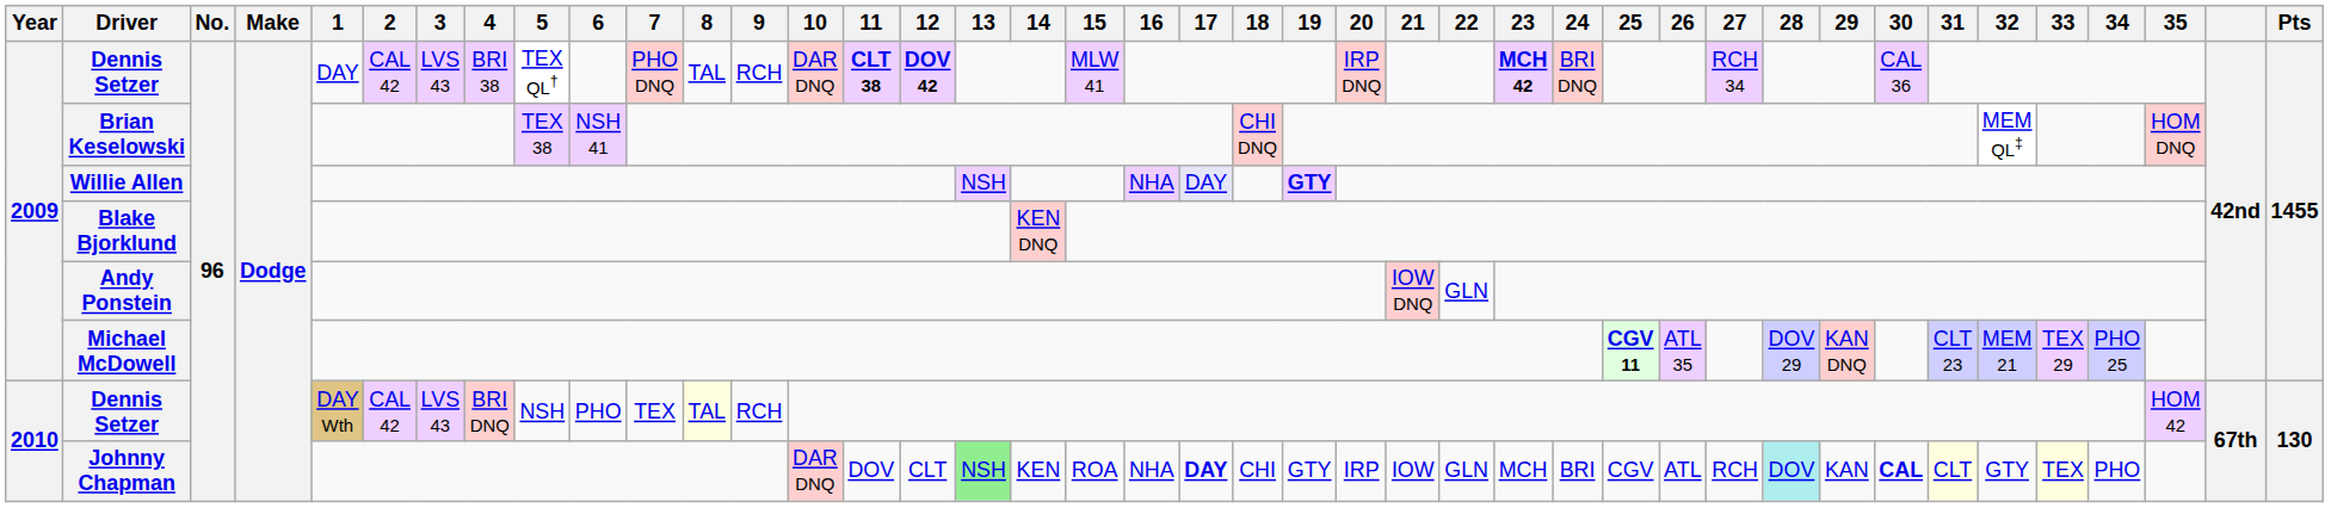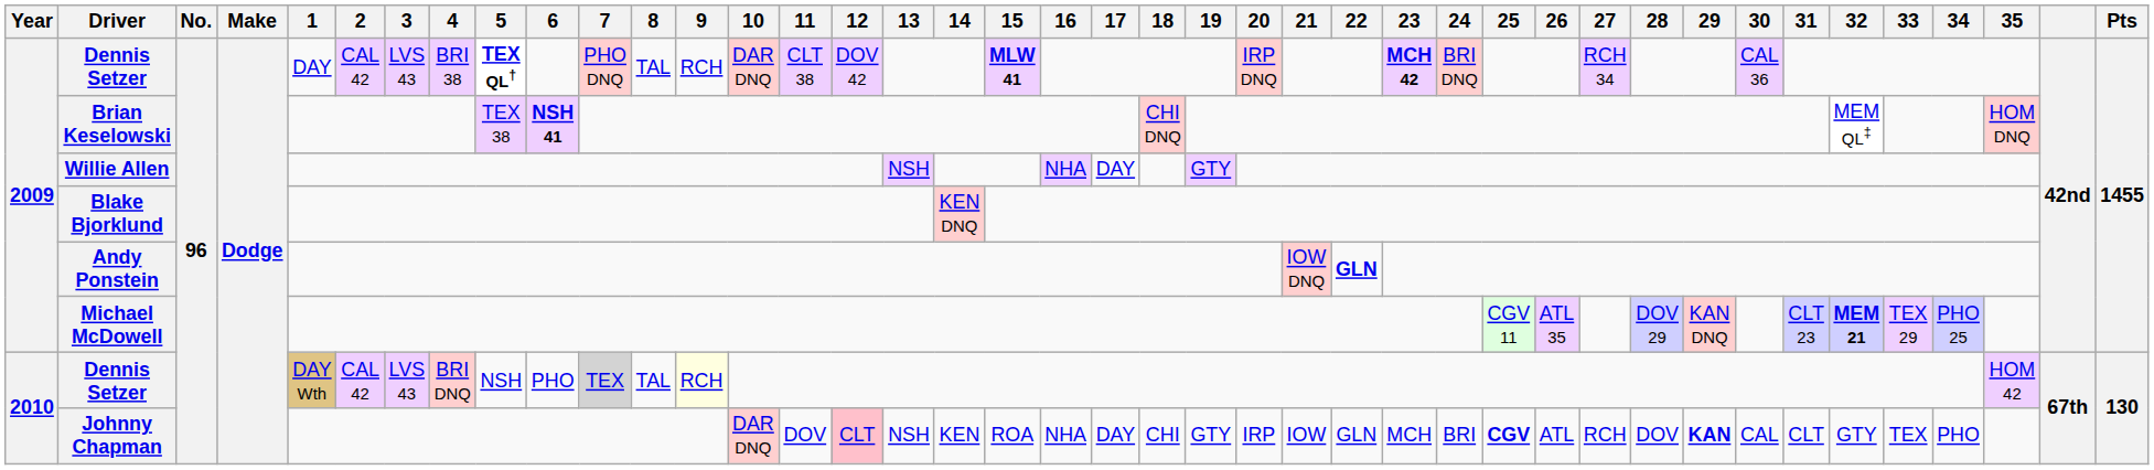 <table class="wikitable" style="text-align:center; font-size:75%">
 <tr>
 <th>Year</th>
 <th>Driver</th>
 <th>No.</th>
 <th>Make</th>
 <th>1</th>
 <th>2</th>
 <th>3</th>
 <th>4</th>
 <th>5</th>
 <th>6</th>
 <th>7</th>
 <th>8</th>
 <th>9</th>
 <th>10</th>
 <th>11</th>
 <th>12</th>
 <th>13</th>
 <th>14</th>
 <th>15</th>
 <th>16</th>
 <th>17</th>
 <th>18</th>
 <th>19</th>
 <th>20</th>
 <th>21</th>
 <th>22</th>
 <th>23</th>
 <th>24</th>
 <th>25</th>
 <th>26</th>
 <th>27</th>
 <th>28</th>
 <th>29</th>
 <th>30</th>
 <th>31</th>
 <th>32</th>
 <th>33</th>
 <th>34</th>
 <th>35</th>
 <th></th>
 <th>Pts</th>
 </tr>
 <tr>
 <th rowspan=6><a href='#'>2009</a></th>
 <th><a href='#'>Dennis Setzer</a></th>
 <th rowspan=8>96</th>
 <th rowspan=8><a href='#'>Dodge</a></th>
 <td><a href='#'>DAY</a></td>
 <td style="background:#EFCFFF;"><a href='#'>CAL</a><br><small>42</small></td>
 <td style="background:#EFCFFF;"><a href='#'>LVS</a><br><small>43</small></td>
 <td style="background:#EFCFFF;"><a href='#'>BRI</a><br><small>38</small></td>
-<td style="background:#FFFFFF;"><a href='#'>TEX</a><br><small>QL<sup>†</sup></small></td>
+<td style="background:#FFFFFF;"><strong><a href='#'>TEX</a><br><small>QL<sup>†</sup></small></strong></td>
 <td colspan=1></td>
 <td style="background:#FFCFCF;"><a href='#'>PHO</a><br><small>DNQ</small></td>
 <td><a href='#'>TAL</a></td>
 <td><a href='#'>RCH</a></td>
 <td style="background:#FFCFCF;"><a href='#'>DAR</a><br><small>DNQ</small></td>
-<td style="background:#EFCFFF;"><strong><a href='#'>CLT</a><br><small>38</small></strong></td>
-<td style="background:#EFCFFF;"><strong><a href='#'>DOV</a><br><small>42</small></strong></td>
+<td style="background:#EFCFFF;"><a href='#'>CLT</a><br><small>38</small></td>
+<td style="background:#EFCFFF;"><a href='#'>DOV</a><br><small>42</small></td>
 <td colspan=2></td>
-<td style="background:#EFCFFF;"><a href='#'>MLW</a><br><small>41</small></td>
+<td style="background:#EFCFFF;"><strong><a href='#'>MLW</a><br><small>41</small></strong></td>
 <td colspan=4></td>
 <td style="background:#FFCFCF;"><a href='#'>IRP</a><br><small>DNQ</small></td>
 <td colspan=2></td>
 <td style="background:#EFCFFF;"><strong><a href='#'>MCH</a><br><small>42</small></strong></td>
 <td style="background:#FFCFCF;"><a href='#'>BRI</a><br><small>DNQ</small></td>
 <td colspan=2></td>
 <td style="background:#EFCFFF;"><a href='#'>RCH</a><br><small>34</small></td>
 <td colspan=2></td>
 <td style="background:#EFCFFF;"><a href='#'>CAL</a><br><small>36</small></td>
 <td colspan=5></td>
 <th rowspan=6>42nd</th>
 <th rowspan=6>1455</th>
 </tr>
 <tr>
 <th><a href='#'>Brian Keselowski</a></th>
 <td colspan=4></td>
 <td style="background:#EFCFFF;"><a href='#'>TEX</a><br><small>38</small></td>
-<td style="background:#EFCFFF;"><a href='#'>NSH</a><br><small>41</small></td>
+<td style="background:#EFCFFF;"><strong><a href='#'>NSH</a><br><small>41</small></strong></td>
 <td colspan=11></td>
 <td style="background:#FFCFCF;"><a href='#'>CHI</a><br><small>DNQ</small></td>
 <td colspan=13></td>
 <td style="background:#FFFFFF;"><a href='#'>MEM</a><br><small>QL<sup>‡</sup></small></td>
 <td colspan=2></td>
 <td style="background:#FFCFCF;"><a href='#'>HOM</a><br><small>DNQ</small></td>
 </tr>
 <tr>
 <th><a href='#'>Willie Allen</a></th>
 <td colspan=12></td>
 <td style="background:#EFCFFF;"><a href='#'>NSH</a><br></td>
 <td colspan=2></td>
 <td style="background:#EFCFFF;"><a href='#'>NHA</a><br></td>
-<td style="background: lavender;"><a href='#'>DAY</a></td>
+<td><a href='#'>DAY</a></td>
 <td colspan=1></td>
-<td style="background:#EFCFFF;"><strong><a href='#'>GTY</a><br></strong></td>
+<td style="background:#EFCFFF;"><a href='#'>GTY</a><br></td>
 <td colspan=16></td>
 </tr>
 <tr>
 <th><a href='#'>Blake Bjorklund</a></th>
 <td colspan=13></td>
 <td style="background:#FFCFCF;"><a href='#'>KEN</a><br><small>DNQ</small></td>
 <td colspan=22></td>
 </tr>
 <tr>
 <th><a href='#'>Andy Ponstein</a></th>
 <td colspan=20></td>
 <td style="background:#FFCFCF;"><a href='#'>IOW</a><br><small>DNQ</small></td>
-<td><a href='#'>GLN</a></td>
+<td><strong><a href='#'>GLN</a></strong></td>
 <td colspan=13></td>
 </tr>
 <tr>
 <th><a href='#'>Michael McDowell</a></th>
 <td colspan=24></td>
-<td style="background:#DFFFDF;"><strong><a href='#'>CGV</a><br><small>11</small></strong></td>
+<td style="background:#DFFFDF;"><a href='#'>CGV</a><br><small>11</small></td>
 <td style="background:#EFCFFF;"><a href='#'>ATL</a><br><small>35</small></td>
 <td colspan=1></td>
 <td style="background:#CFCFFF;"><a href='#'>DOV</a><br><small>29</small></td>
 <td style="background:#FFCFCF;"><a href='#'>KAN</a><br><small>DNQ</small></td>
 <td colspan=1></td>
 <td style="background:#CFCFFF;"><a href='#'>CLT</a><br><small>23</small></td>
-<td style="background:#CFCFFF;"><a href='#'>MEM</a><br><small>21</small></td>
+<td style="background:#CFCFFF;"><strong><a href='#'>MEM</a><br><small>21</small></strong></td>
 <td style="background:#EFCFFF;"><a href='#'>TEX</a><br><small>29</small></td>
 <td style="background:#CFCFFF;"><a href='#'>PHO</a><br><small>25</small></td>
 <td colspan=1></td>
 </tr>
 <tr>
 <th rowspan=2><a href='#'>2010</a></th>
 <th><a href='#'>Dennis Setzer</a></th>
 <td style="background:#DFC484;"><a href='#'>DAY</a><br><small>Wth</small></td>
 <td style="background:#EFCFFF;"><a href='#'>CAL</a><br><small>42</small></td>
 <td style="background:#EFCFFF;"><a href='#'>LVS</a><br><small>43</small></td>
 <td style="background:#FFCFCF;"><a href='#'>BRI</a><br><small>DNQ</small></td>
 <td><a href='#'>NSH</a></td>
 <td><a href='#'>PHO</a></td>
-<td><a href='#'>TEX</a></td>
-<td style="background: lightyellow;"><a href='#'>TAL</a></td>
-<td><a href='#'>RCH</a></td>
+<td style="background: lightgrey;"><a href='#'>TEX</a></td>
+<td><a href='#'>TAL</a></td>
+<td style="background: lightyellow;"><a href='#'>RCH</a></td>
 <td colspan=25></td>
 <td style="background:#EFCFFF;"><a href='#'>HOM</a><br><small>42</small></td>
 <th rowspan=2>67th</th>
 <th rowspan=2>130</th>
 </tr>
 <tr>
 <th><a href='#'>Johnny Chapman</a></th>
 <td colspan=9></td>
 <td style="background:#FFCFCF;"><a href='#'>DAR</a><br><small>DNQ</small></td>
 <td><a href='#'>DOV</a></td>
-<td><a href='#'>CLT</a></td>
-<td style="background: lightgreen;"><a href='#'>NSH</a></td>
+<td style="background: pink;"><a href='#'>CLT</a></td>
+<td><a href='#'>NSH</a></td>
 <td><a href='#'>KEN</a></td>
 <td><a href='#'>ROA</a></td>
 <td><a href='#'>NHA</a></td>
-<td><strong><a href='#'>DAY</a></strong></td>
+<td><a href='#'>DAY</a></td>
 <td><a href='#'>CHI</a></td>
 <td><a href='#'>GTY</a></td>
 <td><a href='#'>IRP</a></td>
 <td><a href='#'>IOW</a></td>
 <td><a href='#'>GLN</a></td>
 <td><a href='#'>MCH</a></td>
 <td><a href='#'>BRI</a></td>
-<td><a href='#'>CGV</a></td>
+<td><strong><a href='#'>CGV</a></strong></td>
 <td><a href='#'>ATL</a></td>
 <td><a href='#'>RCH</a></td>
-<td style="background: paleturquoise;"><a href='#'>DOV</a></td>
-<td><a href='#'>KAN</a></td>
-<td><strong><a href='#'>CAL</a></strong></td>
-<td style="background: lightyellow;"><a href='#'>CLT</a></td>
+<td><a href='#'>DOV</a></td>
+<td><strong><a href='#'>KAN</a></strong></td>
+<td><a href='#'>CAL</a></td>
+<td><a href='#'>CLT</a></td>
 <td><a href='#'>GTY</a></td>
-<td style="background: lightyellow;"><a href='#'>TEX</a></td>
+<td><a href='#'>TEX</a></td>
 <td><a href='#'>PHO</a></td>
 <td colspan=1></td>
 </tr>
 </table>
